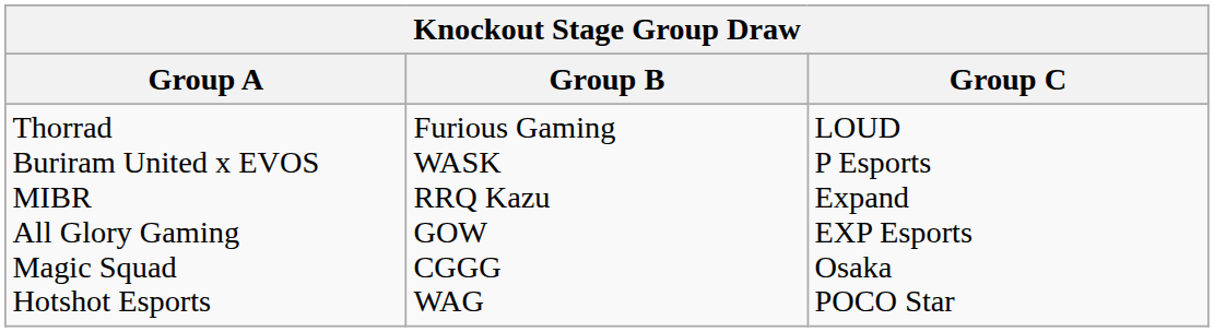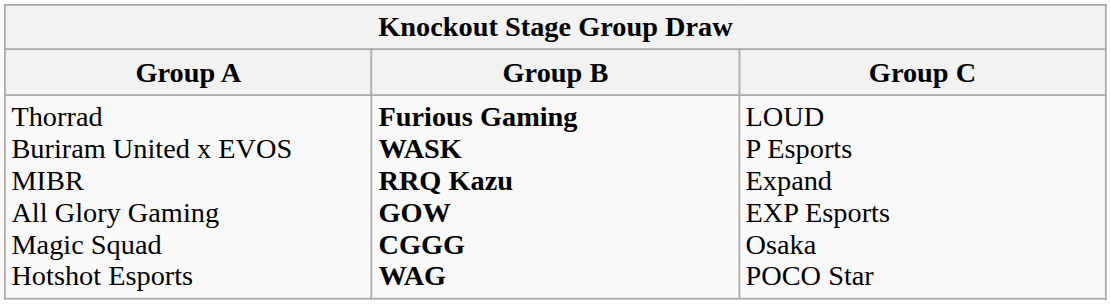 <table class="wikitable" style="text-align:left">
 <tr>
 <th colspan="3">Knockout Stage Group Draw</th>
 </tr>
 <tr>
 <th width="200px">Group A</th>
 <th width="200px">Group B</th>
 <th width="200px">Group C</th>
 </tr>
 <tr>
 <td> Thorrad <br>  Buriram United x EVOS <br>  MIBR <br>  All Glory Gaming <br>  Magic Squad <br>  Hotshot Esports</td>
-<td> Furious Gaming <br>  WASK <br>  RRQ Kazu <br>  GOW <br>  CGGG <br>  WAG</td>
+<td><strong> Furious Gaming <br>  WASK <br>  RRQ Kazu <br>  GOW <br>  CGGG <br>  WAG</strong></td>
 <td> LOUD <br>  P Esports <br>  Expand <br>  EXP Esports <br>  Osaka <br>  POCO Star</td>
 </tr>
 </table>
